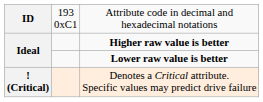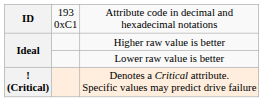 <table class="wikitable" style="margin:auto; text-align:center;">
 <tr>
 <th scope="row">ID</th>
 <td>193<br>0xC1</td>
 <td>Attribute code in decimal and<br>hexadecimal notations</td>
 </tr>
 <tr>
 <th scope="row" rowspan="2">Ideal</th>
 <td></td>
-<td><strong>Higher raw value is better</strong></td>
+<td>Higher raw value is better</td>
 </tr>
 <tr>
 <td></td>
-<td><strong>Lower raw value is better</strong></td>
+<td>Lower raw value is better</td>
 </tr>
 <tr style="background:#FED;">
 <th scope="row">!<br>(Critical)</th>
 <td></td>
 <td>Denotes a <em>Critical</em> attribute.<br>Specific values may predict drive failure</td>
 </tr>
 </table>
